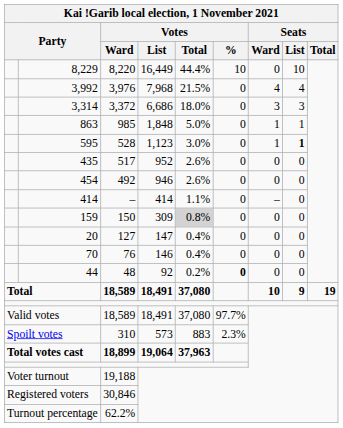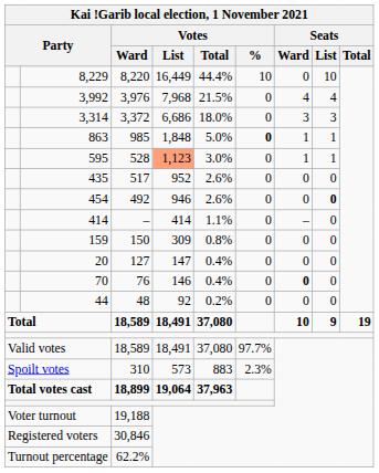 <table class=wikitable style="text-align:right">
 <tr>
 <th colspan="9" align="center">Kai !Garib local election, 1 November 2021</th>
 </tr>
 <tr>
 <th rowspan="2" colspan="2">Party</th>
 <th colspan="4" align="center">Votes</th>
 <th colspan="3" align="center">Seats</th>
 </tr>
 <tr>
 <th>Ward</th>
 <th>List</th>
 <th>Total</th>
 <th>%</th>
 <th>Ward</th>
 <th>List</th>
 <th>Total</th>
 </tr>
 <tr>
 <td></td>
 <td>8,229</td>
 <td>8,220</td>
 <td>16,449</td>
 <td>44.4%</td>
 <td>10</td>
 <td>0</td>
 <td>10</td>
 </tr>
 <tr>
 <td></td>
 <td>3,992</td>
 <td>3,976</td>
 <td>7,968</td>
 <td>21.5%</td>
 <td>0</td>
 <td>4</td>
 <td>4</td>
 </tr>
 <tr>
 <td></td>
 <td>3,314</td>
 <td>3,372</td>
 <td>6,686</td>
 <td>18.0%</td>
 <td>0</td>
 <td>3</td>
 <td>3</td>
 </tr>
 <tr>
 <td></td>
 <td>863</td>
 <td>985</td>
 <td>1,848</td>
 <td>5.0%</td>
-<td>0</td>
+<td><strong>0</strong></td>
 <td>1</td>
 <td>1</td>
 </tr>
 <tr>
 <td></td>
 <td>595</td>
 <td>528</td>
-<td>1,123</td>
+<td style="background: lightsalmon;">1,123</td>
 <td>3.0%</td>
 <td>0</td>
 <td>1</td>
-<td><strong>1</strong></td>
+<td>1</td>
 </tr>
 <tr>
 <td></td>
 <td>435</td>
 <td>517</td>
 <td>952</td>
 <td>2.6%</td>
 <td>0</td>
 <td>0</td>
 <td>0</td>
 </tr>
 <tr>
 <td></td>
 <td>454</td>
 <td>492</td>
 <td>946</td>
 <td>2.6%</td>
 <td>0</td>
 <td>0</td>
-<td>0</td>
+<td><strong>0</strong></td>
 </tr>
 <tr>
 <td></td>
 <td>414</td>
 <td>–</td>
 <td>414</td>
 <td>1.1%</td>
 <td>0</td>
 <td>–</td>
 <td>0</td>
 </tr>
 <tr>
 <td></td>
 <td>159</td>
 <td>150</td>
 <td>309</td>
-<td style="background: lightgrey;">0.8%</td>
+<td>0.8%</td>
 <td>0</td>
 <td>0</td>
 <td>0</td>
 </tr>
 <tr>
 <td></td>
 <td>20</td>
 <td>127</td>
 <td>147</td>
 <td>0.4%</td>
 <td>0</td>
 <td>0</td>
 <td>0</td>
 </tr>
 <tr>
 <td></td>
 <td>70</td>
 <td>76</td>
 <td>146</td>
 <td>0.4%</td>
 <td>0</td>
-<td>0</td>
+<td><strong>0</strong></td>
 <td>0</td>
 </tr>
 <tr>
 <td></td>
 <td>44</td>
 <td>48</td>
 <td>92</td>
 <td>0.2%</td>
-<td><strong>0</strong></td>
+<td>0</td>
 <td>0</td>
 <td>0</td>
 </tr>
 <tr>
 <td colspan="2" style="text-align:left"><strong>Total</strong></td>
 <td><strong>18,589</strong></td>
 <td><strong>18,491</strong></td>
 <td><strong>37,080</strong></td>
 <td></td>
 <td><strong>10</strong></td>
 <td><strong>9</strong></td>
 <td><strong>19</strong></td>
 </tr>
 <tr>
 <td colspan="9"></td>
 </tr>
 <tr>
 <td colspan="2" style="text-align:left">Valid votes</td>
 <td>18,589</td>
 <td>18,491</td>
 <td>37,080</td>
 <td>97.7%</td>
 </tr>
 <tr>
 <td colspan="2" style="text-align:left"><a href='#'>Spoilt votes</a></td>
 <td>310</td>
 <td>573</td>
 <td>883</td>
 <td>2.3%</td>
 </tr>
 <tr>
 <td colspan="2" style="text-align:left"><strong>Total votes cast</strong></td>
 <td><strong>18,899</strong></td>
 <td><strong>19,064</strong></td>
 <td><strong>37,963</strong></td>
 <td></td>
 </tr>
 <tr>
 <td colspan="6"></td>
 </tr>
 <tr>
 <td colspan="2" style="text-align:left">Voter turnout</td>
 <td>19,188</td>
 </tr>
 <tr>
 <td colspan="2" style="text-align:left">Registered voters</td>
 <td>30,846</td>
 </tr>
 <tr>
 <td colspan="2" style="text-align:left">Turnout percentage</td>
 <td>62.2%</td>
 </tr>
 </table>
